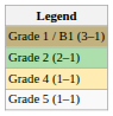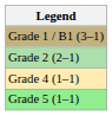 <table class="wikitable" style="font-size:85%;">
 <tr>
 <th>Legend</th>
 </tr>
 <tr bgcolor=C2B280>
 <td>Grade 1 / B1 (3–1)</td>
 </tr>
 <tr bgcolor=ADDFAD>
 <td>Grade 2 (2–1)</td>
 </tr>
 <tr bgcolor=ffecb2>
 <td>Grade 4 (1–1)</td>
 </tr>
 <tr>
-<td>Grade 5 (1–1)</td>
+<td style="background: lightgreen;">Grade 5 (1–1)</td>
 </tr>
 </table>
